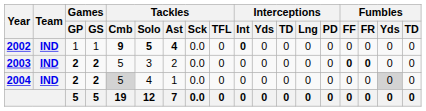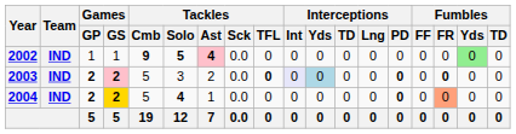 <table class="wikitable" style="text-align:center">
 <tr>
 <th rowspan="2">Year</th>
 <th rowspan="2">Team</th>
 <th colspan="2">Games</th>
 <th colspan="5">Tackles</th>
 <th colspan="5">Interceptions</th>
 <th colspan="4">Fumbles</th>
 </tr>
 <tr>
 <th>GP</th>
 <th>GS</th>
 <th>Cmb</th>
 <th>Solo</th>
 <th>Ast</th>
 <th>Sck</th>
 <th>TFL</th>
 <th>Int</th>
 <th>Yds</th>
 <th>TD</th>
 <th>Lng</th>
 <th>PD</th>
 <th>FF</th>
 <th>FR</th>
 <th>Yds</th>
 <th>TD</th>
 </tr>
 <tr>
 <th><a href='#'>2002</a></th>
 <th><a href='#'>IND</a></th>
 <td>1</td>
 <td>1</td>
 <td><strong>9</strong></td>
 <td><strong>5</strong></td>
-<td><strong>4</strong></td>
-<td>0.0</td>
-<td>0</td>
-<td><strong>0</strong></td>
-<td>0</td>
-<td>0</td>
-<td>0</td>
-<td>0</td>
-<td>0</td>
-<td>0</td>
-<td>0</td>
-<td>0</td>
-</tr>
-<tr>
-<th><a href='#'>2003</a></th>
-<th><a href='#'>IND</a></th>
-<td><strong>2</strong></td>
-<td><strong>2</strong></td>
-<td>5</td>
-<td>3</td>
-<td>2</td>
-<td>0.0</td>
-<td>0</td>
-<td>0</td>
-<td>0</td>
-<td>0</td>
-<td>0</td>
-<td>0</td>
-<td><strong>0</strong></td>
-<td><strong>0</strong></td>
-<td>0</td>
-<td>0</td>
-</tr>
-<tr>
-<th><a href='#'>2004</a></th>
-<th><a href='#'>IND</a></th>
-<td><strong>2</strong></td>
-<td><strong>2</strong></td>
-<td style="background: lightgrey;">5</td>
-<td>4</td>
-<td>1</td>
+<td style="background: pink;"><strong>4</strong></td>
 <td>0.0</td>
 <td>0</td>
 <td>0</td>
 <td>0</td>
 <td>0</td>
 <td>0</td>
 <td>0</td>
 <td>0</td>
 <td>0</td>
-<td style="background: lightgrey;">0</td>
+<td style="background: lightgreen;">0</td>
+<td>0</td>
+</tr>
+<tr>
+<th><a href='#'>2003</a></th>
+<th><a href='#'>IND</a></th>
+<td><strong>2</strong></td>
+<td style="background: pink;"><strong>2</strong></td>
+<td>5</td>
+<td>3</td>
+<td>2</td>
+<td>0.0</td>
+<td><strong>0</strong></td>
+<td style="background: lavender;">0</td>
+<td style="background: lightblue;">0</td>
+<td>0</td>
+<td>0</td>
+<td><strong>0</strong></td>
+<td>0</td>
+<td><strong>0</strong></td>
+<td>0</td>
+<td>0</td>
+</tr>
+<tr>
+<th><a href='#'>2004</a></th>
+<th><a href='#'>IND</a></th>
+<td><strong>2</strong></td>
+<td style="background: gold;"><strong>2</strong></td>
+<td>5</td>
+<td><strong>4</strong></td>
+<td>1</td>
+<td>0.0</td>
+<td>0</td>
+<td>0</td>
+<td>0</td>
+<td>0</td>
+<td>0</td>
+<td><strong>0</strong></td>
+<td>0</td>
+<td style="background: lightsalmon;">0</td>
+<td>0</td>
 <td>0</td>
 </tr>
 <tr>
 <th colspan="2"></th>
 <th>5</th>
 <th>5</th>
 <th>19</th>
 <th>12</th>
 <th>7</th>
 <th>0.0</th>
 <th>0</th>
 <th>0</th>
 <th>0</th>
 <th>0</th>
 <th>0</th>
 <th>0</th>
 <th>0</th>
 <th>0</th>
 <th>0</th>
 <th>0</th>
 </tr>
 </table>
